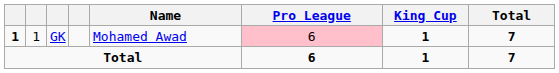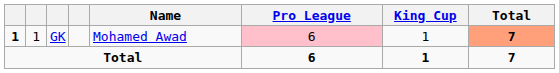 <table class="wikitable" style="text-align:center">
 <tr>
 <th width=15></th>
 <th width=15></th>
 <th width=15></th>
 <th width=15></th>
 <th width=145>Name</th>
 <th width=135><a href='#'>Pro League</a></th>
 <th width=80><a href='#'>King Cup</a></th>
 <th width=80>Total</th>
 </tr>
 <tr>
 </tr>
 <tr>
 <td><strong>1</strong></td>
 <td>1</td>
 <td><a href='#'>GK</a></td>
 <td></td>
 <td align=left><a href='#'>Mohamed Awad</a></td>
 <td style="background: pink;">6</td>
-<td><strong>1</strong></td>
-<td><strong>7</strong></td>
+<td>1</td>
+<td style="background: lightsalmon;"><strong>7</strong></td>
 </tr>
 <tr>
 <td colspan=5><strong>Total</strong></td>
 <td><strong>6</strong></td>
 <td><strong>1</strong></td>
 <td><strong>7</strong></td>
 </tr>
 </table>
